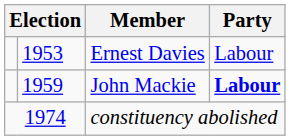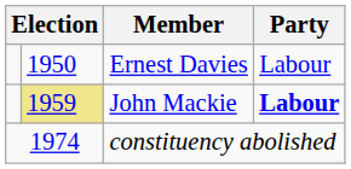 <table class="wikitable">
 <tr>
 <th colspan="2">Election</th>
 <th>Member</th>
 <th>Party</th>
 </tr>
 <tr>
 <td style="color:inherit;background-color: "></td>
-<td><a href='#'>1953</a></td>
+<td><a href='#'>1950</a></td>
 <td><a href='#'>Ernest Davies</a></td>
 <td><a href='#'>Labour</a></td>
 </tr>
 <tr>
 <td style="color:inherit;background-color: "></td>
-<td><a href='#'>1959</a></td>
+<td style="background: khaki;"><a href='#'>1959</a></td>
 <td><a href='#'>John Mackie</a></td>
 <td><strong><a href='#'>Labour</a></strong></td>
 </tr>
 <tr>
 <td colspan="2" align="center"><a href='#'>1974</a></td>
 <td colspan="2"><em>constituency abolished</em></td>
 </tr>
 </table>
